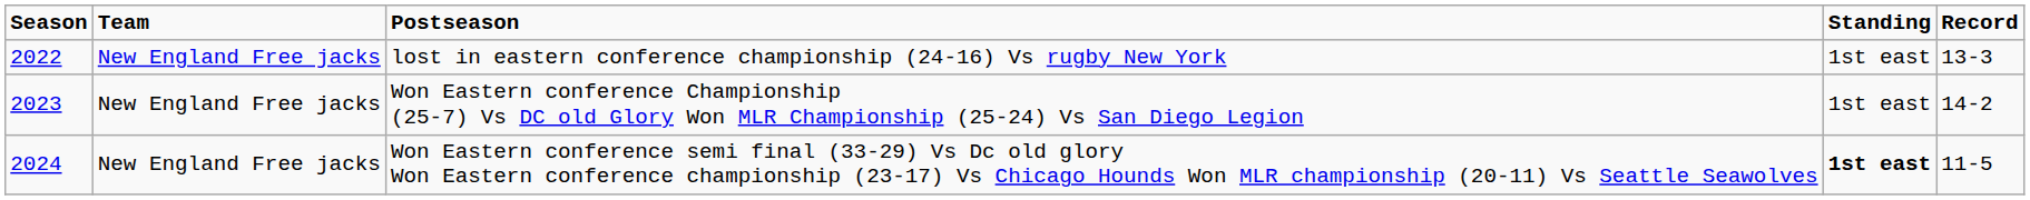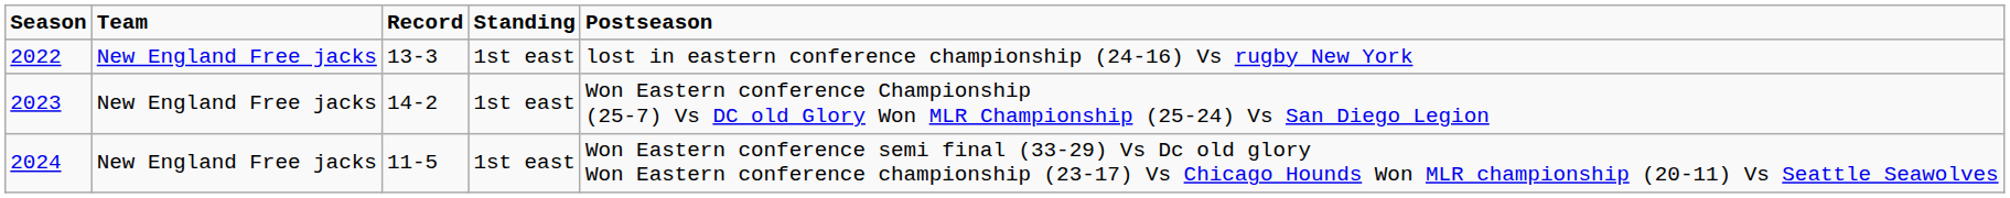 <table class="wikitable">
 <tr>
 <td><strong>Season</strong></td>
 <td><strong>Team</strong></td>
+<td><strong>Record</strong></td>
+<td><strong>Standing</strong></td>
 <td><strong>Postseason</strong></td>
-<td><strong>Standing</strong></td>
-<td><strong>Record</strong></td>
 </tr>
 <tr>
 <td><a href='#'>2022</a></td>
 <td><a href='#'>New England Free jacks</a></td>
+<td>13-3</td>
+<td>1st east</td>
 <td>lost in eastern conference championship (24-16) Vs <a href='#'>rugby New York</a></td>
-<td>1st east</td>
-<td>13-3</td>
 </tr>
 <tr>
 <td><a href='#'>2023</a></td>
 <td>New England Free jacks</td>
+<td>14-2</td>
+<td>1st east</td>
 <td>Won Eastern conference Championship<br>(25-7) Vs <a href='#'>DC old Glory</a>  Won <a href='#'>MLR Championship</a> (25-24) Vs <a href='#'>San Diego Legion</a></td>
-<td>1st east</td>
-<td>14-2</td>
 </tr>
 <tr>
 <td><a href='#'>2024</a></td>
 <td>New England Free jacks</td>
+<td>11-5</td>
+<td>1st east</td>
 <td>Won Eastern conference semi final         (33-29) Vs Dc old glory<br>Won Eastern conference championship (23-17) Vs <a href='#'>Chicago Hounds</a>  Won <a href='#'>MLR championship</a> (20-11) Vs <a href='#'>Seattle Seawolves</a></td>
-<td><strong>1st east</strong></td>
-<td>11-5</td>
 </tr>
 </table>
